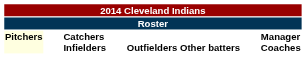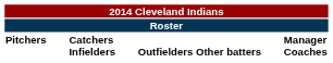 <table class="toccolours" style="font-size: 95%;">
 <tr>
 <th colspan="10" style="background-color: #990000; color: white; text-align: center;">2014 Cleveland Indians</th>
 </tr>
 <tr>
 <td colspan="10" style="background-color: #023456; color: #FFFFFF; text-align: center;"><strong>Roster</strong></td>
 </tr>
 <tr>
-<td valign="top" style="background: lightyellow;"><strong>Pitchers</strong><br>                     </td>
+<td valign="top"><strong>Pitchers</strong><br>                     </td>
 <td width="25px"></td>
 <td valign="top"><strong>Catchers</strong><br>   <strong>Infielders</strong>          </td>
 <td width="25px"></td>
 <td valign="top"><br><strong>Outfielders</strong>           <strong>Other batters</strong> </td>
 <td width="25px"></td>
 <td valign="top"><strong>Manager</strong><br> <strong>Coaches</strong>                          </td>
 </tr>
 </table>
